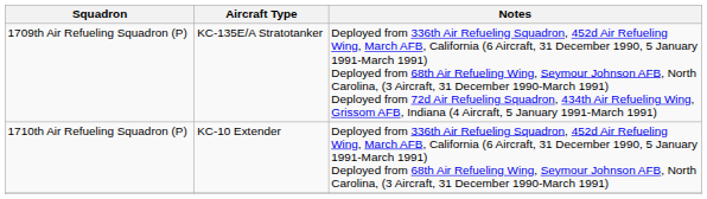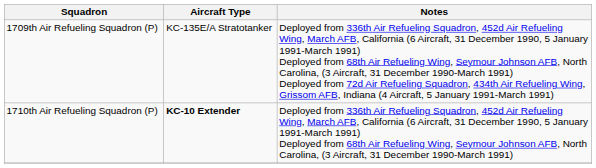 <table class="wikitable">
 <tr>
 <th scope="col" width="250">Squadron</th>
 <th scope="col" width="175">Aircraft Type</th>
 <th scope="col" width="500">Notes</th>
 </tr>
 <tr valign="top">
 <td>1709th Air Refueling Squadron (P)</td>
 <td>KC-135E/A Stratotanker</td>
 <td>Deployed from <a href='#'>336th Air Refueling Squadron</a>, <a href='#'>452d Air Refueling Wing</a>, <a href='#'>March AFB</a>, California (6 Aircraft, 31 December 1990, 5 January 1991-March 1991)<br>Deployed from <a href='#'>68th Air Refueling Wing</a>, <a href='#'>Seymour Johnson AFB</a>, North Carolina, (3 Aircraft, 31 December 1990-March 1991)<br>Deployed from <a href='#'>72d Air Refueling Squadron</a>, <a href='#'>434th Air Refueling Wing</a>, <a href='#'>Grissom AFB</a>, Indiana (4 Aircraft, 5 January 1991-March 1991)</td>
 </tr>
 <tr valign="top">
 <td>1710th Air Refueling Squadron (P)</td>
-<td>KC-10 Extender</td>
+<td><strong>KC-10 Extender</strong></td>
 <td>Deployed from <a href='#'>336th Air Refueling Squadron</a>, <a href='#'>452d Air Refueling Wing</a>, <a href='#'>March AFB</a>, California (6 Aircraft, 31 December 1990, 5 January 1991-March 1991)<br>Deployed from <a href='#'>68th Air Refueling Wing</a>, <a href='#'>Seymour Johnson AFB</a>, North Carolina, (3 Aircraft, 31 December 1990-March 1991)</td>
 </tr>
 <tr>
 </tr>
 <tr>
 </tr>
 </table>
